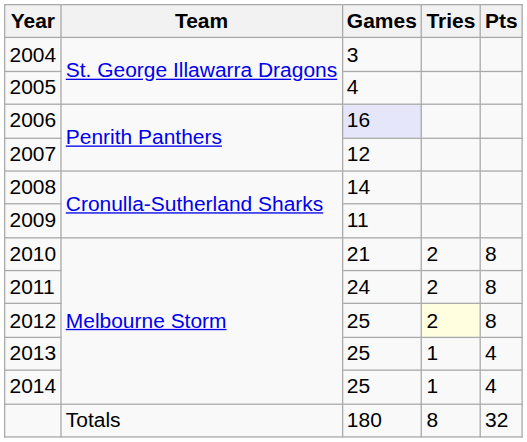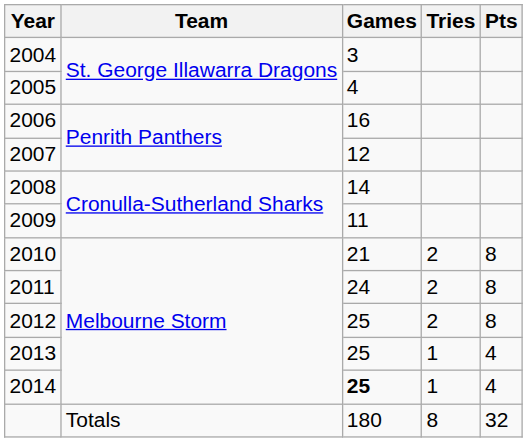 <table class="wikitable sortable">
 <tr>
 <th>Year</th>
 <th>Team</th>
 <th>Games</th>
 <th>Tries</th>
 <th>Pts</th>
 </tr>
 <tr>
 <td>2004</td>
 <td rowspan="2"> <a href='#'>St. George Illawarra Dragons</a></td>
 <td>3</td>
 <td></td>
 <td></td>
 </tr>
 <tr>
 <td>2005</td>
 <td>4</td>
 <td></td>
 <td></td>
 </tr>
 <tr>
 <td>2006</td>
 <td rowspan="2"> <a href='#'>Penrith Panthers</a></td>
-<td style="background: lavender;">16</td>
+<td>16</td>
 <td></td>
 <td></td>
 </tr>
 <tr>
 <td>2007</td>
 <td>12</td>
 <td></td>
 <td></td>
 </tr>
 <tr>
 <td>2008</td>
 <td rowspan="2"> <a href='#'>Cronulla-Sutherland Sharks</a></td>
 <td>14</td>
 <td></td>
 <td></td>
 </tr>
 <tr>
 <td>2009</td>
 <td>11</td>
 <td></td>
 <td></td>
 </tr>
 <tr>
 <td>2010</td>
 <td rowspan="5"> <a href='#'>Melbourne Storm</a></td>
 <td>21</td>
 <td>2</td>
 <td>8</td>
 </tr>
 <tr>
 <td>2011</td>
 <td>24</td>
 <td>2</td>
 <td>8</td>
 </tr>
 <tr>
 <td>2012</td>
 <td>25</td>
-<td style="background: lightyellow;">2</td>
+<td>2</td>
 <td>8</td>
 </tr>
 <tr>
 <td>2013</td>
 <td>25</td>
 <td>1</td>
 <td>4</td>
 </tr>
 <tr>
 <td>2014</td>
-<td>25</td>
+<td><strong>25</strong></td>
 <td>1</td>
 <td>4</td>
 </tr>
 <tr>
 <td></td>
 <td>Totals</td>
 <td>180</td>
 <td>8</td>
 <td>32</td>
 </tr>
 </table>
